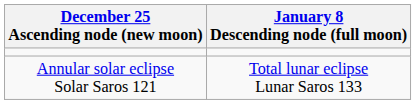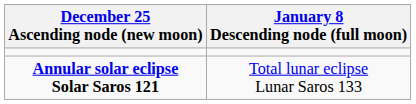 <table class="wikitable">
 <tr>
 <th><a href='#'>December 25</a><br>Ascending node (new moon)</th>
 <th><a href='#'>January 8</a><br>Descending node (full moon)</th>
 </tr>
 <tr>
 <td></td>
 <td></td>
 </tr>
 <tr align=center>
-<td><a href='#'>Annular solar eclipse</a><br>Solar Saros 121</td>
+<td><strong><a href='#'>Annular solar eclipse</a><br>Solar Saros 121</strong></td>
 <td><a href='#'>Total lunar eclipse</a><br>Lunar Saros 133</td>
 </tr>
 </table>
